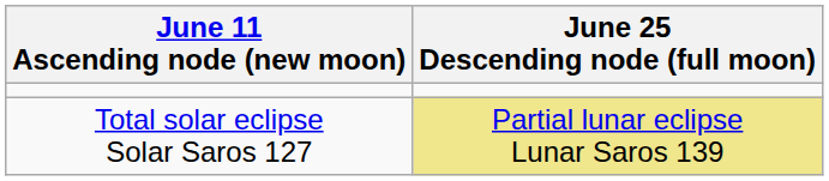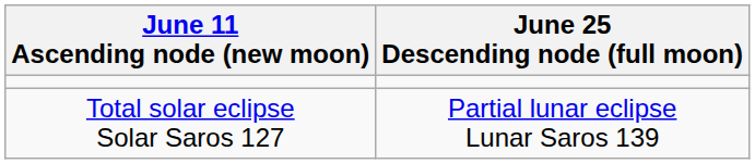 <table class="wikitable">
 <tr>
 <th><a href='#'>June 11</a><br>Ascending node (new moon)<br></th>
 <th>June 25<br>Descending node (full moon)<br></th>
 </tr>
 <tr>
 <td></td>
 <td></td>
 </tr>
 <tr align=center>
 <td><a href='#'>Total solar eclipse</a><br>Solar Saros 127</td>
-<td style="background: khaki;"><a href='#'>Partial lunar eclipse</a><br>Lunar Saros 139</td>
+<td><a href='#'>Partial lunar eclipse</a><br>Lunar Saros 139</td>
 </tr>
 </table>
